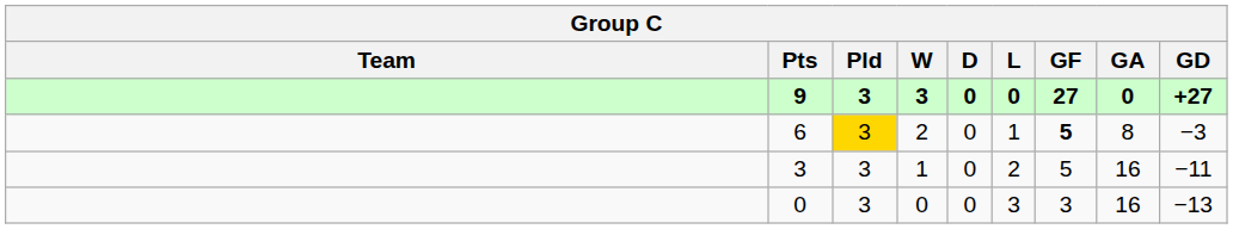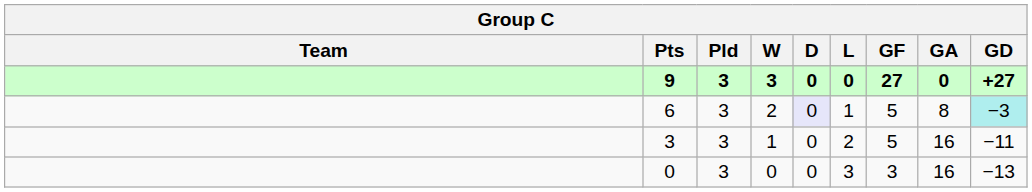 <table class="wikitable" width="43%" style="text-align: center;">
 <tr>
 <th colspan="9">Group C</th>
 </tr>
 <tr>
 <th width="25%"><strong>Team</strong></th>
 <th width="1%"><strong>Pts</strong></th>
 <th width="1%"><strong>Pld</strong></th>
 <th width="1%"><strong>W</strong></th>
 <th width="1%"><strong>D</strong></th>
 <th width="1%"><strong>L</strong></th>
 <th width="1%"><strong>GF</strong></th>
 <th width="1%"><strong>GA</strong></th>
 <th width="1%" abbr="Goal difference"><strong>GD</strong></th>
 </tr>
 <tr style="background:#ccffcc;">
 <td style="text-align:left;"><strong></strong></td>
 <td><strong>9</strong></td>
 <td><strong>3</strong></td>
 <td><strong>3</strong></td>
 <td><strong>0</strong></td>
 <td><strong>0</strong></td>
 <td><strong>27</strong></td>
 <td><strong>0</strong></td>
 <td><strong>+27</strong></td>
 </tr>
 <tr>
 <td style="text-align:left;"></td>
 <td>6</td>
-<td style="background: gold;">3</td>
+<td>3</td>
 <td>2</td>
-<td>0</td>
+<td style="background: lavender;">0</td>
 <td>1</td>
-<td><strong>5</strong></td>
+<td>5</td>
 <td>8</td>
-<td>−3</td>
+<td style="background: paleturquoise;">−3</td>
 </tr>
 <tr>
 <td style="text-align:left;"></td>
 <td>3</td>
 <td>3</td>
 <td>1</td>
 <td>0</td>
 <td>2</td>
 <td>5</td>
 <td>16</td>
 <td>−11</td>
 </tr>
 <tr>
 <td style="text-align:left;"></td>
 <td>0</td>
 <td>3</td>
 <td>0</td>
 <td>0</td>
 <td>3</td>
 <td>3</td>
 <td>16</td>
 <td>−13</td>
 </tr>
 </table>
